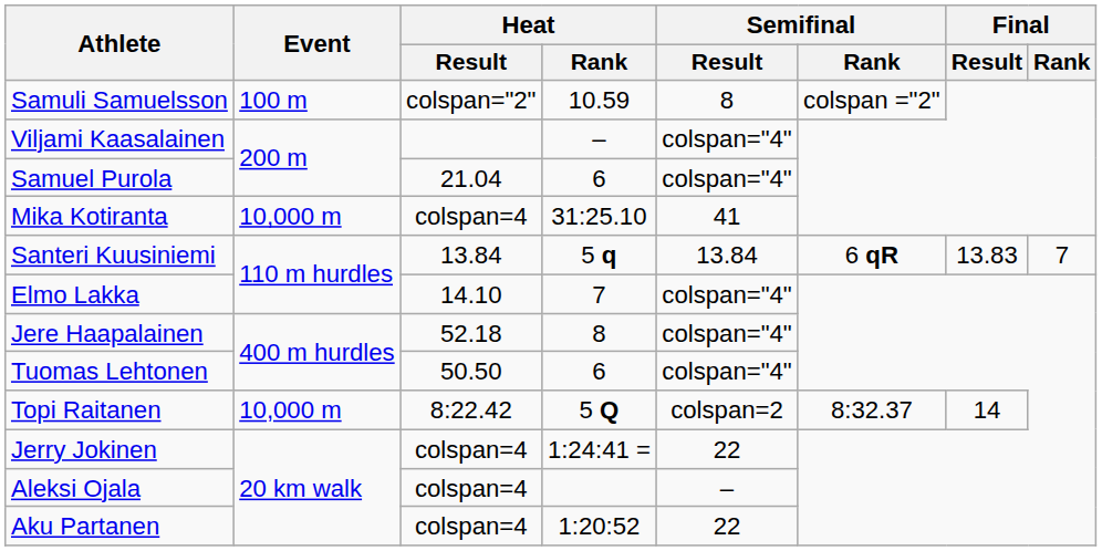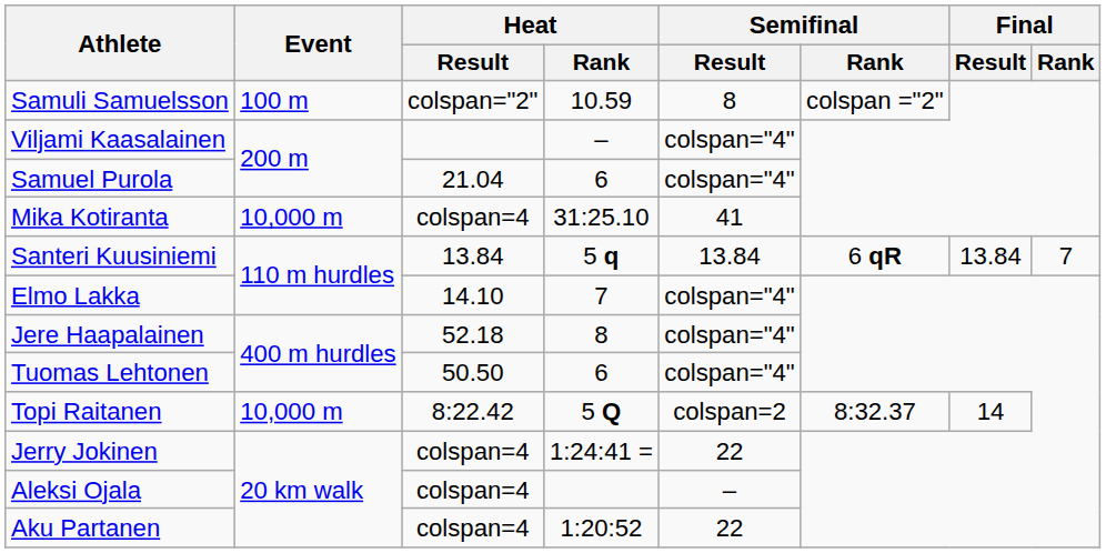 <table class="wikitable" style="font-size:90%">
 <tr>
 <th rowspan="2">Athlete</th>
 <th rowspan="2">Event</th>
 <th colspan="2">Heat</th>
 <th colspan="2">Semifinal</th>
 <th colspan="2">Final</th>
 </tr>
 <tr style="font-size:95%">
 <th>Result</th>
 <th>Rank</th>
 <th>Result</th>
 <th>Rank</th>
 <th>Result</th>
 <th>Rank</th>
 </tr>
 <tr align=center>
 <td align="left"><a href='#'>Samuli Samuelsson</a></td>
 <td align="left"><a href='#'>100 m</a></td>
 <td>colspan="2" </td>
 <td>10.59 </td>
 <td>8</td>
 <td>colspan ="2" </td>
 </tr>
 <tr align=center>
 <td align="left"><a href='#'>Viljami Kaasalainen</a></td>
 <td align="left" rowspan="2"><a href='#'>200 m</a></td>
 <td></td>
 <td>–</td>
 <td>colspan="4" </td>
 </tr>
 <tr align=center>
 <td align="left"><a href='#'>Samuel Purola</a></td>
 <td>21.04</td>
 <td>6</td>
 <td>colspan="4" </td>
 </tr>
 <tr align=center>
 <td align="left"><a href='#'>Mika Kotiranta</a></td>
 <td align="left"><a href='#'>10,000 m</a></td>
 <td>colspan=4 </td>
 <td>31:25.10</td>
 <td>41</td>
 </tr>
 <tr align=center>
 <td align="left"><a href='#'>Santeri Kuusiniemi</a></td>
 <td align="left" rowspan="2"><a href='#'>110 m hurdles</a></td>
 <td>13.84</td>
 <td>5 <strong>q</strong></td>
 <td>13.84</td>
 <td>6 <strong>qR</strong></td>
-<td>13.83</td>
+<td>13.84</td>
 <td>7</td>
 </tr>
 <tr align=center>
 <td align="left"><a href='#'>Elmo Lakka</a></td>
 <td>14.10</td>
 <td>7</td>
 <td>colspan="4" </td>
 </tr>
 <tr align=center>
 <td align="left"><a href='#'>Jere Haapalainen</a></td>
 <td align="left" rowspan="2"><a href='#'>400 m hurdles</a></td>
 <td>52.18</td>
 <td>8</td>
 <td>colspan="4" </td>
 </tr>
 <tr align=center>
 <td align="left"><a href='#'>Tuomas Lehtonen</a></td>
 <td>50.50 </td>
 <td>6</td>
 <td>colspan="4" </td>
 </tr>
 <tr align=center>
 <td align="left"><a href='#'>Topi Raitanen</a></td>
 <td align="left"><a href='#'>10,000 m</a></td>
 <td>8:22.42</td>
 <td>5 <strong>Q</strong></td>
 <td>colspan=2 </td>
 <td>8:32.37</td>
 <td>14</td>
 </tr>
 <tr align=center>
 <td align="left"><a href='#'>Jerry Jokinen</a></td>
 <td align="left" rowspan=3><a href='#'>20 km walk</a></td>
 <td>colspan=4 </td>
 <td>1:24:41 =</td>
 <td>22</td>
 </tr>
 <tr align=center>
 <td align="left"><a href='#'>Aleksi Ojala</a></td>
 <td>colspan=4 </td>
 <td></td>
 <td>–</td>
 </tr>
 <tr align=center>
 <td align="left"><a href='#'>Aku Partanen</a></td>
 <td>colspan=4 </td>
 <td>1:20:52 </td>
 <td>22</td>
 </tr>
 </table>
